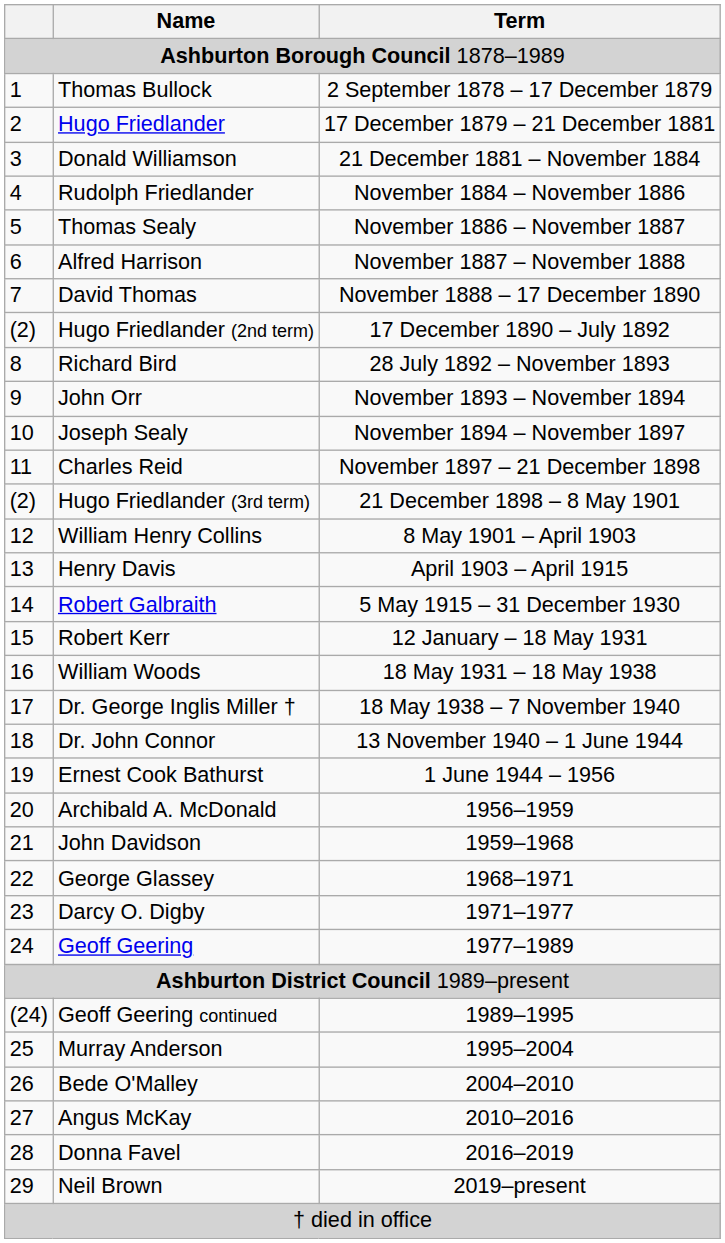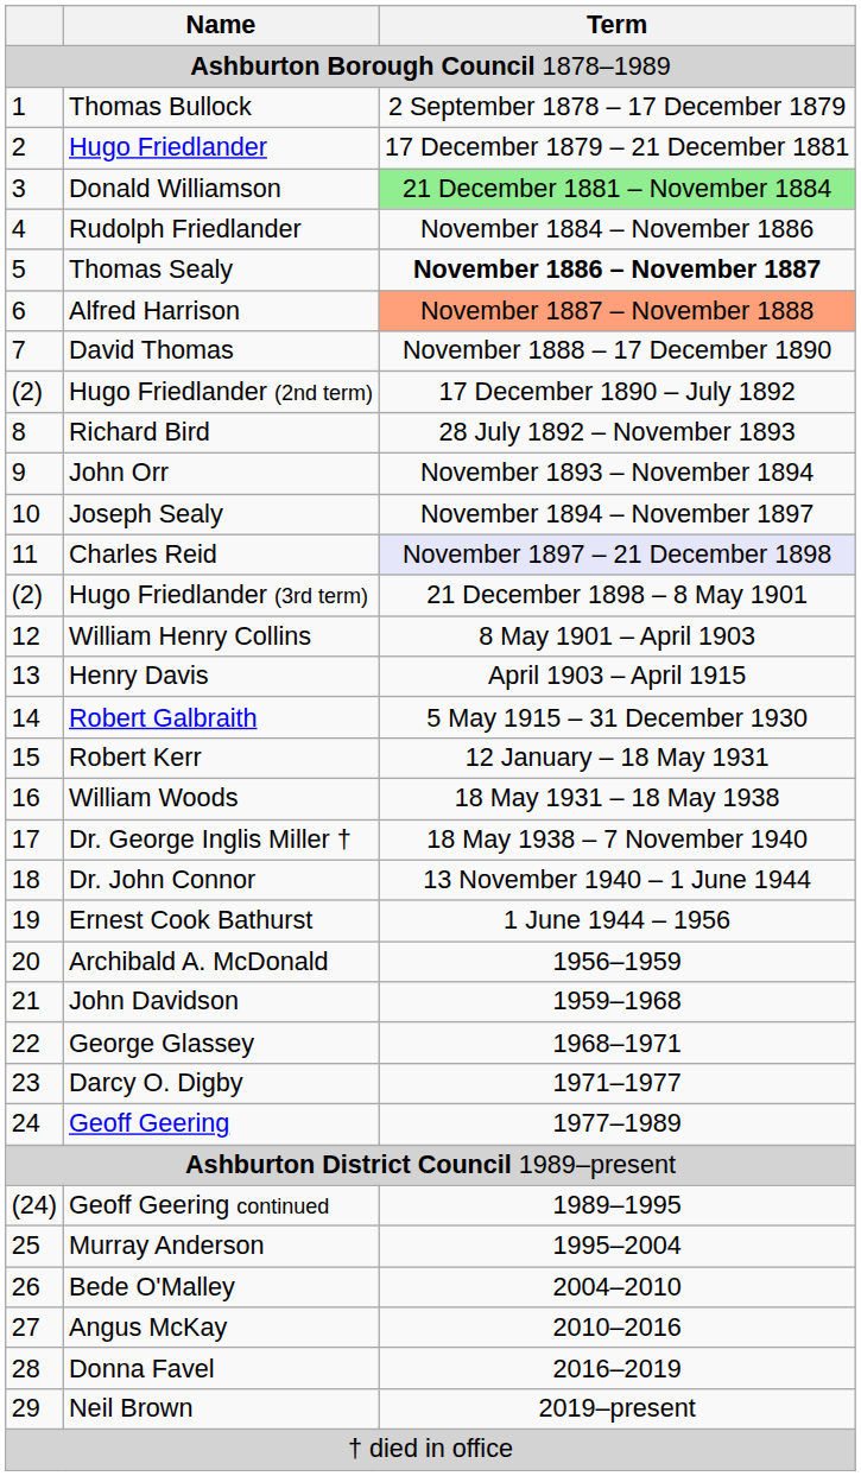 <table class="wikitable">
 <tr>
 <th></th>
 <th>Name</th>
 <th>Term</th>
 </tr>
 <tr>
 <td colspan=3 style="text-align: center; background: lightgrey"><strong>Ashburton Borough Council</strong> 1878–1989</td>
 </tr>
 <tr>
 <td>1</td>
 <td>Thomas Bullock</td>
 <td align=center>2 September 1878 – 17 December 1879</td>
 </tr>
 <tr>
 <td>2</td>
 <td><a href='#'>Hugo Friedlander</a></td>
 <td align=center>17 December 1879 – 21 December 1881</td>
 </tr>
 <tr>
 <td>3</td>
 <td>Donald Williamson</td>
-<td align=center>21 December 1881 – November 1884</td>
+<td align=center style="background: lightgreen;">21 December 1881 – November 1884</td>
 </tr>
 <tr>
 <td>4</td>
 <td>Rudolph Friedlander</td>
 <td align=center>November 1884 – November 1886</td>
 </tr>
 <tr>
 <td>5</td>
 <td>Thomas Sealy</td>
-<td align=center>November 1886 – November 1887</td>
+<td align=center><strong>November 1886 – November 1887</strong></td>
 </tr>
 <tr>
 <td>6</td>
 <td>Alfred Harrison</td>
-<td align=center>November 1887 – November 1888</td>
+<td align=center style="background: lightsalmon;">November 1887 – November 1888</td>
 </tr>
 <tr>
 <td>7</td>
 <td>David Thomas</td>
 <td align=center>November 1888 – 17 December 1890</td>
 </tr>
 <tr>
 <td>(2)</td>
 <td>Hugo Friedlander <small>(2nd term)</small></td>
 <td align=center>17 December 1890 – July 1892</td>
 </tr>
 <tr>
 <td>8</td>
 <td>Richard Bird</td>
 <td align=center>28 July 1892 – November 1893</td>
 </tr>
 <tr>
 <td>9</td>
 <td>John Orr</td>
 <td align=center>November 1893 – November 1894</td>
 </tr>
 <tr>
 <td>10</td>
 <td>Joseph Sealy</td>
 <td align=center>November 1894 – November 1897</td>
 </tr>
 <tr>
 <td>11</td>
 <td>Charles Reid</td>
-<td align=center>November 1897 – 21 December 1898</td>
+<td align=center style="background: lavender;">November 1897 – 21 December 1898</td>
 </tr>
 <tr>
 <td>(2)</td>
 <td>Hugo Friedlander <small>(3rd term)</small></td>
 <td align=center>21 December 1898 – 8 May 1901</td>
 </tr>
 <tr>
 <td>12</td>
 <td>William Henry Collins</td>
 <td align=center>8 May 1901 – April 1903</td>
 </tr>
 <tr>
 <td>13</td>
 <td>Henry Davis</td>
 <td align=center>April 1903 – April 1915</td>
 </tr>
 <tr>
 <td>14</td>
 <td><a href='#'>Robert Galbraith</a></td>
 <td align=center>5 May 1915 – 31 December 1930</td>
 </tr>
 <tr>
 <td>15</td>
 <td>Robert Kerr</td>
 <td align=center>12 January – 18 May 1931</td>
 </tr>
 <tr>
 <td>16</td>
 <td>William Woods</td>
 <td align=center>18 May 1931 – 18 May 1938</td>
 </tr>
 <tr>
 <td>17</td>
 <td>Dr. George Inglis Miller †</td>
 <td align=center>18 May 1938 – 7 November 1940</td>
 </tr>
 <tr>
 <td>18</td>
 <td>Dr. John Connor</td>
 <td align=center>13 November 1940 – 1 June 1944</td>
 </tr>
 <tr>
 <td>19</td>
 <td>Ernest Cook Bathurst</td>
 <td align=center>1 June 1944 – 1956</td>
 </tr>
 <tr>
 <td>20</td>
 <td>Archibald A. McDonald</td>
 <td align=center>1956–1959</td>
 </tr>
 <tr>
 <td>21</td>
 <td>John Davidson</td>
 <td align=center>1959–1968</td>
 </tr>
 <tr>
 <td>22</td>
 <td>George Glassey</td>
 <td align=center>1968–1971</td>
 </tr>
 <tr>
 <td>23</td>
 <td>Darcy O. Digby</td>
 <td align=center>1971–1977</td>
 </tr>
 <tr>
 <td>24</td>
 <td><a href='#'>Geoff Geering</a></td>
 <td align=center>1977–1989</td>
 </tr>
 <tr>
 <td colspan=3 style="text-align: center; background: lightgrey"><strong>Ashburton District Council</strong> 1989–present</td>
 </tr>
 <tr>
 <td>(24)</td>
 <td>Geoff Geering <small>continued</small></td>
 <td align=center>1989–1995</td>
 </tr>
 <tr>
 <td>25</td>
 <td>Murray Anderson</td>
 <td align=center>1995–2004</td>
 </tr>
 <tr>
 <td>26</td>
 <td>Bede O'Malley</td>
 <td align=center>2004–2010</td>
 </tr>
 <tr>
 <td>27</td>
 <td>Angus McKay</td>
 <td align=center>2010–2016</td>
 </tr>
 <tr>
 <td>28</td>
 <td>Donna Favel</td>
 <td align=center>2016–2019</td>
 </tr>
 <tr>
 <td>29</td>
 <td>Neil Brown</td>
 <td align=center>2019–present</td>
 </tr>
 <tr>
 <td colspan=3 style="text-align: center; background: lightgrey">† <span>died in office</span></td>
 </tr>
 </table>
